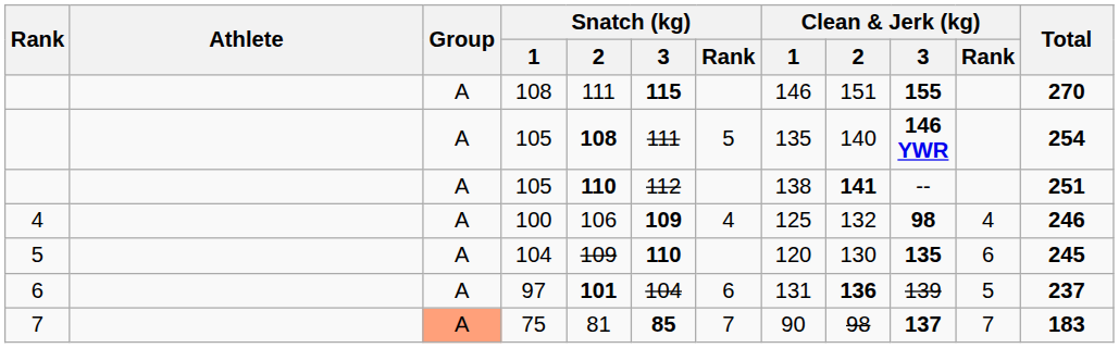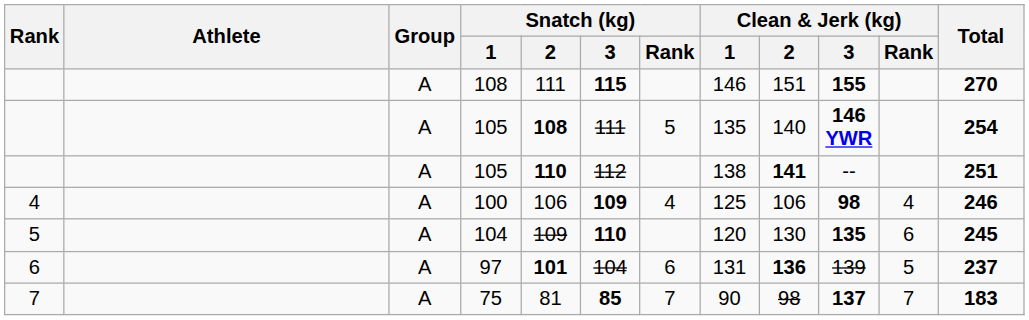 <table class = "wikitable" style="text-align:center;">
 <tr>
 <th rowspan=2 width=40>Rank</th>
 <th rowspan=2 width=250>Athlete</th>
 <th rowspan=2 width=50>Group</th>
 <th colspan=4>Snatch (kg)</th>
 <th colspan=4>Clean & Jerk (kg)</th>
 <th rowspan=2 width=60>Total</th>
 </tr>
 <tr>
 <th width=40>1</th>
 <th width=40>2</th>
 <th width=40>3</th>
 <th width=40>Rank</th>
 <th width=40>1</th>
 <th width=40>2</th>
 <th width=40>3</th>
 <th width=40>Rank</th>
 </tr>
 <tr>
 <td></td>
 <td align=left></td>
 <td>A</td>
 <td>108</td>
 <td>111</td>
 <td><strong>115</strong></td>
 <td></td>
 <td>146</td>
 <td>151</td>
 <td><strong>155</strong></td>
 <td></td>
 <td><strong>270</strong></td>
 </tr>
 <tr>
 <td></td>
 <td align=left></td>
 <td>A</td>
 <td>105</td>
 <td><strong>108</strong></td>
 <td><s>111</s></td>
 <td>5</td>
 <td>135</td>
 <td>140</td>
 <td><strong>146</strong><br><strong><a href='#'>YWR</a></strong></td>
 <td></td>
 <td><strong>254</strong></td>
 </tr>
 <tr>
 <td></td>
 <td align=left></td>
 <td>A</td>
 <td>105</td>
 <td><strong>110</strong></td>
 <td><s>112</s></td>
 <td></td>
 <td>138</td>
 <td><strong>141</strong></td>
 <td>--</td>
 <td></td>
 <td><strong>251</strong></td>
 </tr>
 <tr>
 <td>4</td>
 <td align=left></td>
 <td>A</td>
 <td>100</td>
 <td>106</td>
 <td><strong>109</strong></td>
 <td>4</td>
 <td>125</td>
-<td>132</td>
+<td>106</td>
 <td><strong>98</strong></td>
 <td>4</td>
 <td><strong>246</strong></td>
 </tr>
 <tr>
 <td>5</td>
 <td align=left></td>
 <td>A</td>
 <td>104</td>
 <td><s>109</s></td>
 <td><strong>110</strong></td>
 <td></td>
 <td>120</td>
 <td>130</td>
 <td><strong>135</strong></td>
 <td>6</td>
 <td><strong>245</strong></td>
 </tr>
 <tr>
 <td>6</td>
 <td align=left></td>
 <td>A</td>
 <td>97</td>
 <td><strong>101</strong></td>
 <td><s>104</s></td>
 <td>6</td>
 <td>131</td>
 <td><strong>136</strong></td>
 <td><s>139</s></td>
 <td>5</td>
 <td><strong>237</strong></td>
 </tr>
 <tr>
 <td>7</td>
 <td align=left></td>
-<td style="background: lightsalmon;">A</td>
+<td>A</td>
 <td>75</td>
 <td>81</td>
 <td><strong>85</strong></td>
 <td>7</td>
 <td>90</td>
 <td><s>98</s></td>
 <td><strong>137</strong></td>
 <td>7</td>
 <td><strong>183</strong></td>
 </tr>
 </table>
